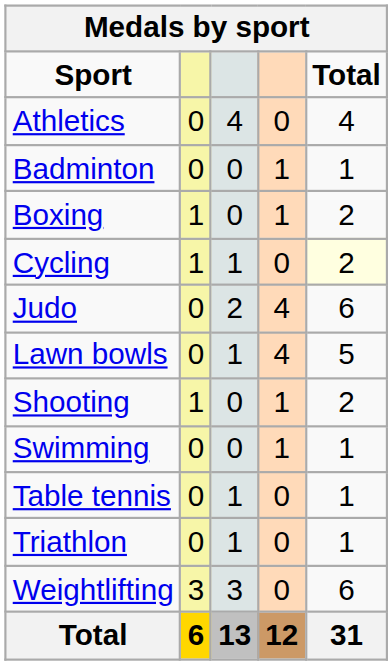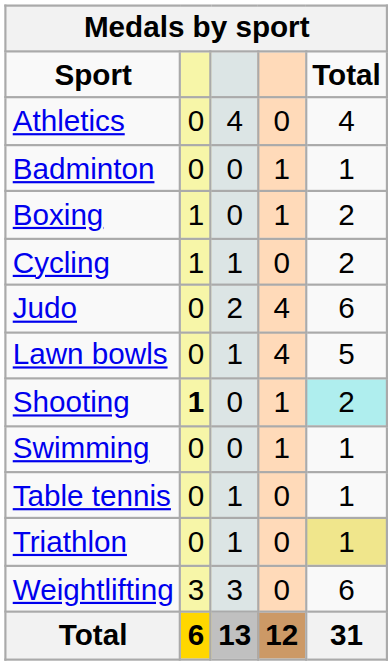 <table class="wikitable" style="font-size:85%;float:right;text-align:center">
 <tr>
 <th colspan=5><strong>Medals by sport</strong></th>
 </tr>
 <tr align=center>
 <td><strong>Sport</strong></td>
 <td bgcolor=#f7f6a8></td>
 <td bgcolor=#dce5e5></td>
 <td bgcolor=#ffdab9></td>
 <td><strong>Total</strong></td>
 </tr>
 <tr align=center>
 <td align=left><a href='#'>Athletics</a></td>
 <td bgcolor=#f7f6a8>0</td>
 <td bgcolor=#dce5e5>4</td>
 <td bgcolor=#ffdab9>0</td>
 <td>4</td>
 </tr>
 <tr align=center>
 <td align=left><a href='#'>Badminton</a></td>
 <td bgcolor=#f7f6a8>0</td>
 <td bgcolor=#dce5e5>0</td>
 <td bgcolor=#ffdab9>1</td>
 <td>1</td>
 </tr>
 <tr align=center>
 <td align=left><a href='#'>Boxing</a></td>
 <td bgcolor=#f7f6a8>1</td>
 <td bgcolor=#dce5e5>0</td>
 <td bgcolor=#ffdab9>1</td>
 <td>2</td>
 </tr>
 <tr align=center>
 <td align=left><a href='#'>Cycling</a></td>
 <td bgcolor=#f7f6a8>1</td>
 <td bgcolor=#dce5e5>1</td>
 <td bgcolor=#ffdab9>0</td>
-<td style="background: lightyellow;">2</td>
+<td>2</td>
 </tr>
 <tr align=center>
 <td align=left><a href='#'>Judo</a></td>
 <td bgcolor=#f7f6a8>0</td>
 <td bgcolor=#dce5e5>2</td>
 <td bgcolor=#ffdab9>4</td>
 <td>6</td>
 </tr>
 <tr align=center>
 <td align=left><a href='#'>Lawn bowls</a></td>
 <td bgcolor=#f7f6a8>0</td>
 <td bgcolor=#dce5e5>1</td>
 <td bgcolor=#ffdab9>4</td>
 <td>5</td>
 </tr>
 <tr align=center>
 <td align=left><a href='#'>Shooting</a></td>
-<td bgcolor=#f7f6a8>1</td>
+<td bgcolor=#f7f6a8><strong>1</strong></td>
 <td bgcolor=#dce5e5>0</td>
 <td bgcolor=#ffdab9>1</td>
-<td>2</td>
+<td style="background: paleturquoise;">2</td>
 </tr>
 <tr align=center>
 <td align=left><a href='#'>Swimming</a></td>
 <td bgcolor=#f7f6a8>0</td>
 <td bgcolor=#dce5e5>0</td>
 <td bgcolor=#ffdab9>1</td>
 <td>1</td>
 </tr>
 <tr align=center>
 <td align=left><a href='#'>Table tennis</a></td>
 <td bgcolor=#f7f6a8>0</td>
 <td bgcolor=#dce5e5>1</td>
 <td bgcolor=#ffdab9>0</td>
 <td>1</td>
 </tr>
 <tr align=center>
 <td align=left><a href='#'>Triathlon</a></td>
 <td bgcolor=#f7f6a8>0</td>
 <td bgcolor=#dce5e5>1</td>
 <td bgcolor=#ffdab9>0</td>
-<td>1</td>
+<td style="background: khaki;">1</td>
 </tr>
 <tr align=center>
 <td align=left><a href='#'>Weightlifting</a></td>
 <td bgcolor=#f7f6a8>3</td>
 <td bgcolor=#dce5e5>3</td>
 <td bgcolor=#ffdab9>0</td>
 <td>6</td>
 </tr>
 <tr align=center>
 <th bgcolor=#efefef><strong>Total</strong></th>
 <th style="background:gold;"><strong>6</strong></th>
 <th style="background:silver;"><strong>13</strong></th>
 <th style="background:#c96;"><strong>12</strong></th>
 <th><strong>31</strong></th>
 </tr>
 </table>
